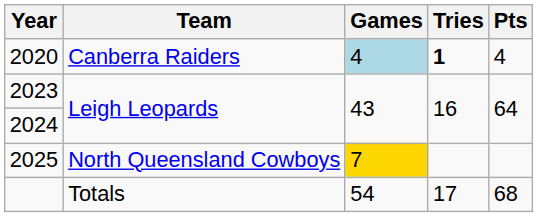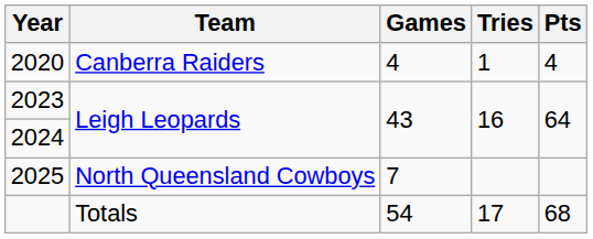 <table class="wikitable">
 <tr>
 <th>Year</th>
 <th>Team</th>
 <th>Games</th>
 <th>Tries</th>
 <th>Pts</th>
 </tr>
 <tr>
 <td>2020</td>
 <td> <a href='#'>Canberra Raiders</a></td>
-<td style="background: lightblue;">4</td>
-<td><strong>1</strong></td>
+<td>4</td>
+<td>1</td>
 <td>4</td>
 </tr>
 <tr>
 <td>2023</td>
 <td rowspan="2"> <a href='#'>Leigh Leopards</a></td>
 <td rowspan="2">43</td>
 <td rowspan="2">16</td>
 <td rowspan="2">64</td>
 </tr>
 <tr>
 <td>2024</td>
 </tr>
 <tr>
 <td>2025</td>
 <td> <a href='#'>North Queensland Cowboys</a></td>
-<td style="background: gold;">7</td>
+<td>7</td>
 <td></td>
 <td></td>
 </tr>
 <tr>
 <td></td>
 <td>Totals</td>
 <td>54</td>
 <td>17</td>
 <td>68</td>
 </tr>
 </table>
